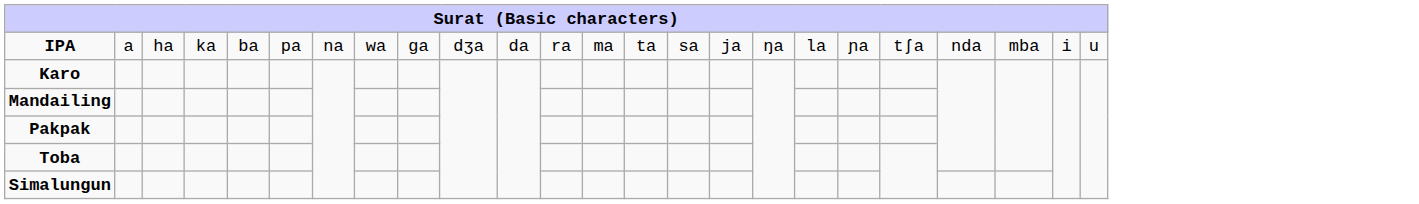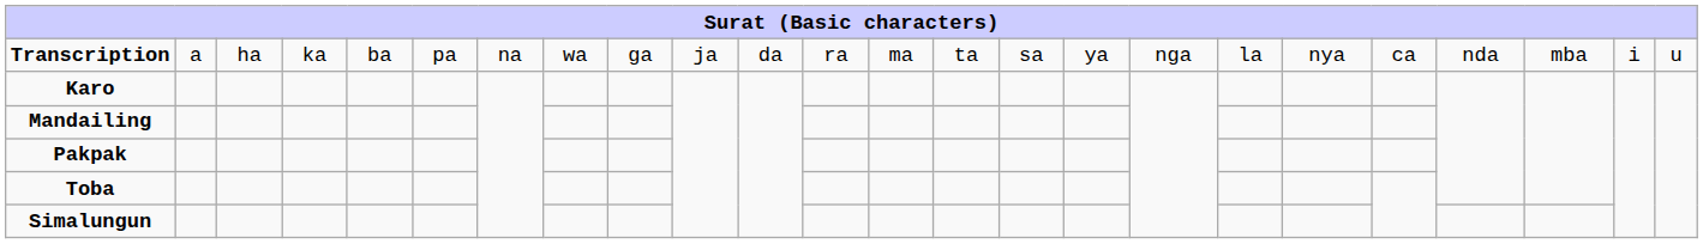 <table class="wikitable">
 <tr>
 <td colspan="24"  style="background:#ccf; text-align:center;"><strong>Surat (Basic characters)</strong></td>
 </tr>
 <tr style="text-align:center;">
-<td style="width:10%; text-align:center;"><strong>IPA</strong></td>
+<td style="width:10%; text-align:center;"><strong>Transcription</strong></td>
 <td>a</td>
 <td>ha</td>
 <td>ka</td>
 <td>ba</td>
 <td>pa</td>
 <td>na</td>
 <td>wa</td>
 <td>ga</td>
-<td>dʒa</td>
+<td>ja</td>
 <td>da</td>
 <td>ra</td>
 <td>ma</td>
 <td>ta</td>
 <td>sa</td>
-<td>ja</td>
-<td>ŋa</td>
+<td>ya</td>
+<td>nga</td>
 <td>la</td>
-<td>ɲa</td>
-<td>tʃa</td>
+<td>nya</td>
+<td>ca</td>
 <td>nda</td>
 <td>mba</td>
 <td>i</td>
 <td>u</td>
 </tr>
 <tr style="length:20%;">
 <td style="width:10%; text-align:center;"><strong>Karo</strong></td>
 <td align="center"></td>
 <td align="center"></td>
 <td align="center"></td>
 <td align="center"></td>
 <td align="center"></td>
 <td align="center" rowspan="5"></td>
 <td align="center"></td>
 <td align="center"></td>
 <td align="center" rowspan="5"></td>
 <td align="center" rowspan="5"></td>
 <td align="center"></td>
 <td align="center"></td>
 <td align="center"></td>
 <td align="center"></td>
 <td align="center"></td>
 <td align="center" rowspan="5"></td>
 <td align="center"></td>
 <td></td>
 <td align="center"></td>
 <td rowspan="4"></td>
 <td rowspan="4"></td>
 <td align="center" rowspan="5"></td>
 <td align="center" rowspan="5"></td>
 </tr>
 <tr style="length:10%;">
 <td style="width:10%; text-align:center;"><strong>Mandailing</strong></td>
 <td align="center"></td>
 <td align="center"></td>
 <td align="center"></td>
 <td align="center"></td>
 <td align="center"></td>
 <td align="center"></td>
 <td align="center"></td>
 <td align="center"></td>
 <td align="center"></td>
 <td align="center"></td>
 <td align="center"></td>
 <td align="center"></td>
 <td align="center"></td>
 <td align="center"></td>
 <td align="center"></td>
 </tr>
 <tr style="length:10%;">
 <td style="width:10%; text-align:center;"><strong>Pakpak</strong></td>
 <td align="center"></td>
 <td align="center"></td>
 <td align="center"></td>
 <td align="center"></td>
 <td align="center"></td>
 <td align="center"></td>
 <td align="center"></td>
 <td align="center"></td>
 <td align="center"></td>
 <td align="center"></td>
 <td align="center"></td>
 <td align="center"></td>
 <td align="center"></td>
 <td></td>
 <td align="center"></td>
 </tr>
 <tr style="length:10%;">
 <td style="width:10%; text-align:center;"><strong>Toba</strong></td>
 <td align="center"></td>
 <td align="center"></td>
 <td align="center"></td>
 <td align="center"></td>
 <td align="center"></td>
 <td align="center"></td>
 <td align="center"></td>
 <td align="center"></td>
 <td align="center"></td>
 <td align="center"></td>
 <td align="center"></td>
 <td align="center"></td>
 <td align="center"></td>
 <td align="center"></td>
 <td align="center" rowspan="2"></td>
 </tr>
 <tr style="length:10%;">
 <td style="width:10%; text-align:center;"><strong>Simalungun</strong></td>
 <td align="center"></td>
 <td align="center"></td>
 <td align="center"></td>
 <td align="center"></td>
 <td align="center"></td>
 <td align="center"></td>
 <td align="center"></td>
 <td align="center"></td>
 <td align="center"></td>
 <td align="center"></td>
 <td align="center"></td>
 <td align="center"></td>
 <td align="center"></td>
 <td align="center"></td>
 <td align="center"></td>
 <td align="center"></td>
 </tr>
 </table>
